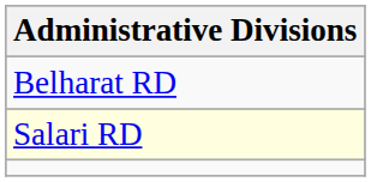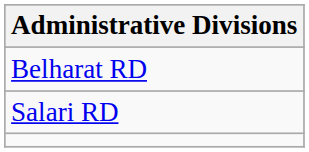 <table class="wikitable">
 <tr>
 <th>Administrative Divisions</th>
 </tr>
 <tr>
 <td><a href='#'>Belharat RD</a></td>
 </tr>
 <tr>
-<td style="background: lightyellow;"><a href='#'>Salari RD</a></td>
+<td><a href='#'>Salari RD</a></td>
 </tr>
 <tr>
 <td colspan=1></td>
 </tr>
 </table>
